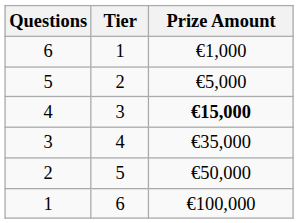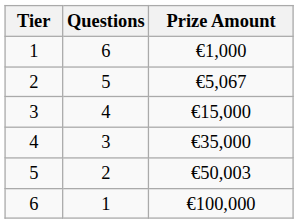 <table class="wikitable" style="font-size:90%; margin: 0.5em 0 0.5em 1em; float: right; clear: right; text-align:center;">
 <tr>
+<th width=20%>Tier</th>
 <th width=30%>Questions</th>
-<th width=20%>Tier</th>
 <th width=50%>Prize Amount</th>
+</tr>
+<tr>
+<td>1</td>
+<td>6</td>
+<td>€1,000</td>
+</tr>
+<tr>
+<td>2</td>
+<td>5</td>
+<td>€5,067</td>
+</tr>
+<tr>
+<td>3</td>
+<td>4</td>
+<td>€15,000</td>
+</tr>
+<tr>
+<td>4</td>
+<td>3</td>
+<td>€35,000</td>
+</tr>
+<tr>
+<td>5</td>
+<td>2</td>
+<td>€50,003</td>
 </tr>
 <tr>
 <td>6</td>
 <td>1</td>
-<td>€1,000</td>
-</tr>
-<tr>
-<td>5</td>
-<td>2</td>
-<td>€5,000</td>
-</tr>
-<tr>
-<td>4</td>
-<td>3</td>
-<td><strong>€15,000</strong></td>
-</tr>
-<tr>
-<td>3</td>
-<td>4</td>
-<td>€35,000</td>
-</tr>
-<tr>
-<td>2</td>
-<td>5</td>
-<td>€50,000</td>
-</tr>
-<tr>
-<td>1</td>
-<td>6</td>
 <td>€100,000</td>
 </tr>
 </table>
